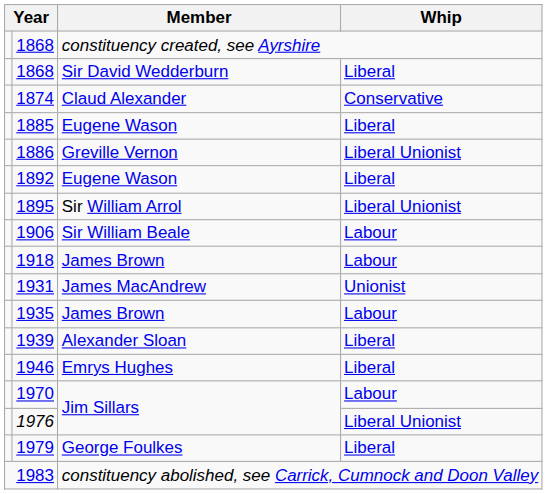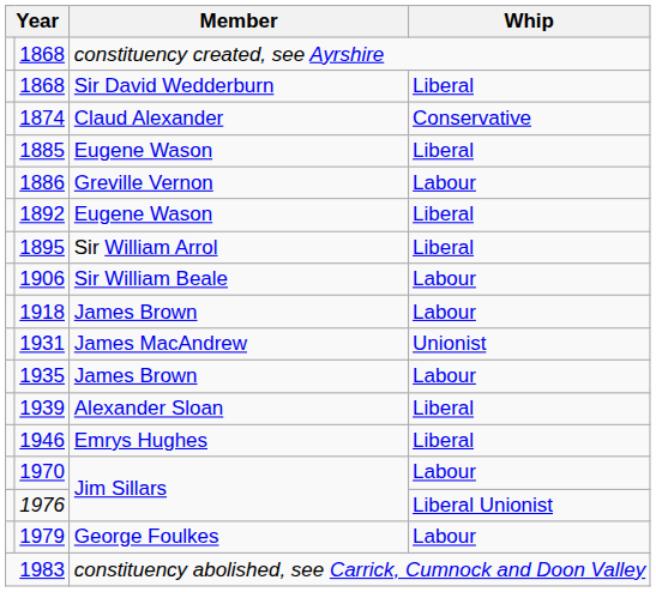 <table class="wikitable">
 <tr>
 <th colspan="2">Year</th>
 <th>Member</th>
 <th>Whip</th>
 </tr>
 <tr>
 <td></td>
 <td><a href='#'>1868</a></td>
 <td colspan="3"><em>constituency created, see <a href='#'>Ayrshire</a></em></td>
 </tr>
 <tr>
 <td style="color:inherit;background-color: "></td>
 <td><a href='#'>1868</a></td>
 <td><a href='#'>Sir David Wedderburn</a></td>
 <td><a href='#'>Liberal</a></td>
 </tr>
 <tr>
 <td style="color:inherit;background-color: "></td>
 <td><a href='#'>1874</a></td>
 <td><a href='#'>Claud Alexander</a></td>
 <td><a href='#'>Conservative</a></td>
 </tr>
 <tr>
 <td style="color:inherit;background-color: "></td>
 <td><a href='#'>1885</a></td>
 <td><a href='#'>Eugene Wason</a></td>
 <td><a href='#'>Liberal</a></td>
 </tr>
 <tr>
 <td style="color:inherit;background-color: "></td>
 <td><a href='#'>1886</a></td>
 <td><a href='#'>Greville Vernon</a></td>
-<td><a href='#'>Liberal Unionist</a></td>
+<td><a href='#'>Labour</a></td>
 </tr>
 <tr>
 <td style="color:inherit;background-color: "></td>
 <td><a href='#'>1892</a></td>
 <td><a href='#'>Eugene Wason</a></td>
 <td><a href='#'>Liberal</a></td>
 </tr>
 <tr>
 <td style="color:inherit;background-color: "></td>
 <td><a href='#'>1895</a></td>
 <td>Sir <a href='#'>William Arrol</a></td>
-<td><a href='#'>Liberal Unionist</a></td>
+<td><a href='#'>Liberal</a></td>
 </tr>
 <tr>
 <td style="color:inherit;background-color: "></td>
 <td><a href='#'>1906</a></td>
 <td><a href='#'>Sir William Beale</a></td>
 <td><a href='#'>Labour</a></td>
 </tr>
 <tr>
 <td style="color:inherit;background-color: "></td>
 <td><a href='#'>1918</a></td>
 <td><a href='#'>James Brown</a></td>
 <td><a href='#'>Labour</a></td>
 </tr>
 <tr>
 <td style="color:inherit;background-color: "></td>
 <td><a href='#'>1931</a></td>
 <td><a href='#'>James MacAndrew</a></td>
 <td><a href='#'>Unionist</a></td>
 </tr>
 <tr>
 <td style="color:inherit;background-color: "></td>
 <td><a href='#'>1935</a></td>
 <td><a href='#'>James Brown</a></td>
 <td><a href='#'>Labour</a></td>
 </tr>
 <tr>
 <td style="color:inherit;background-color: "></td>
 <td><a href='#'>1939</a></td>
 <td><a href='#'>Alexander Sloan</a></td>
 <td><a href='#'>Liberal</a></td>
 </tr>
 <tr>
 <td style="color:inherit;background-color: "></td>
 <td><a href='#'>1946</a></td>
 <td><a href='#'>Emrys Hughes</a></td>
 <td><a href='#'>Liberal</a></td>
 </tr>
 <tr>
 <td style="color:inherit;background-color: "></td>
 <td><a href='#'>1970</a></td>
 <td rowspan="2"><a href='#'>Jim Sillars</a></td>
 <td><a href='#'>Labour</a></td>
 </tr>
 <tr>
 <td style="color:inherit;background-color: "></td>
 <td><em>1976</em></td>
 <td><a href='#'>Liberal Unionist</a></td>
 </tr>
 <tr>
 <td style="color:inherit;background-color: "></td>
 <td><a href='#'>1979</a></td>
 <td><a href='#'>George Foulkes</a></td>
-<td><a href='#'>Liberal</a></td>
+<td><a href='#'>Labour</a></td>
 </tr>
 <tr>
 <td colspan="2" align="right"><a href='#'>1983</a></td>
 <td colspan="2"><em>constituency abolished, see <a href='#'>Carrick, Cumnock and Doon Valley</a></em></td>
 </tr>
 </table>
